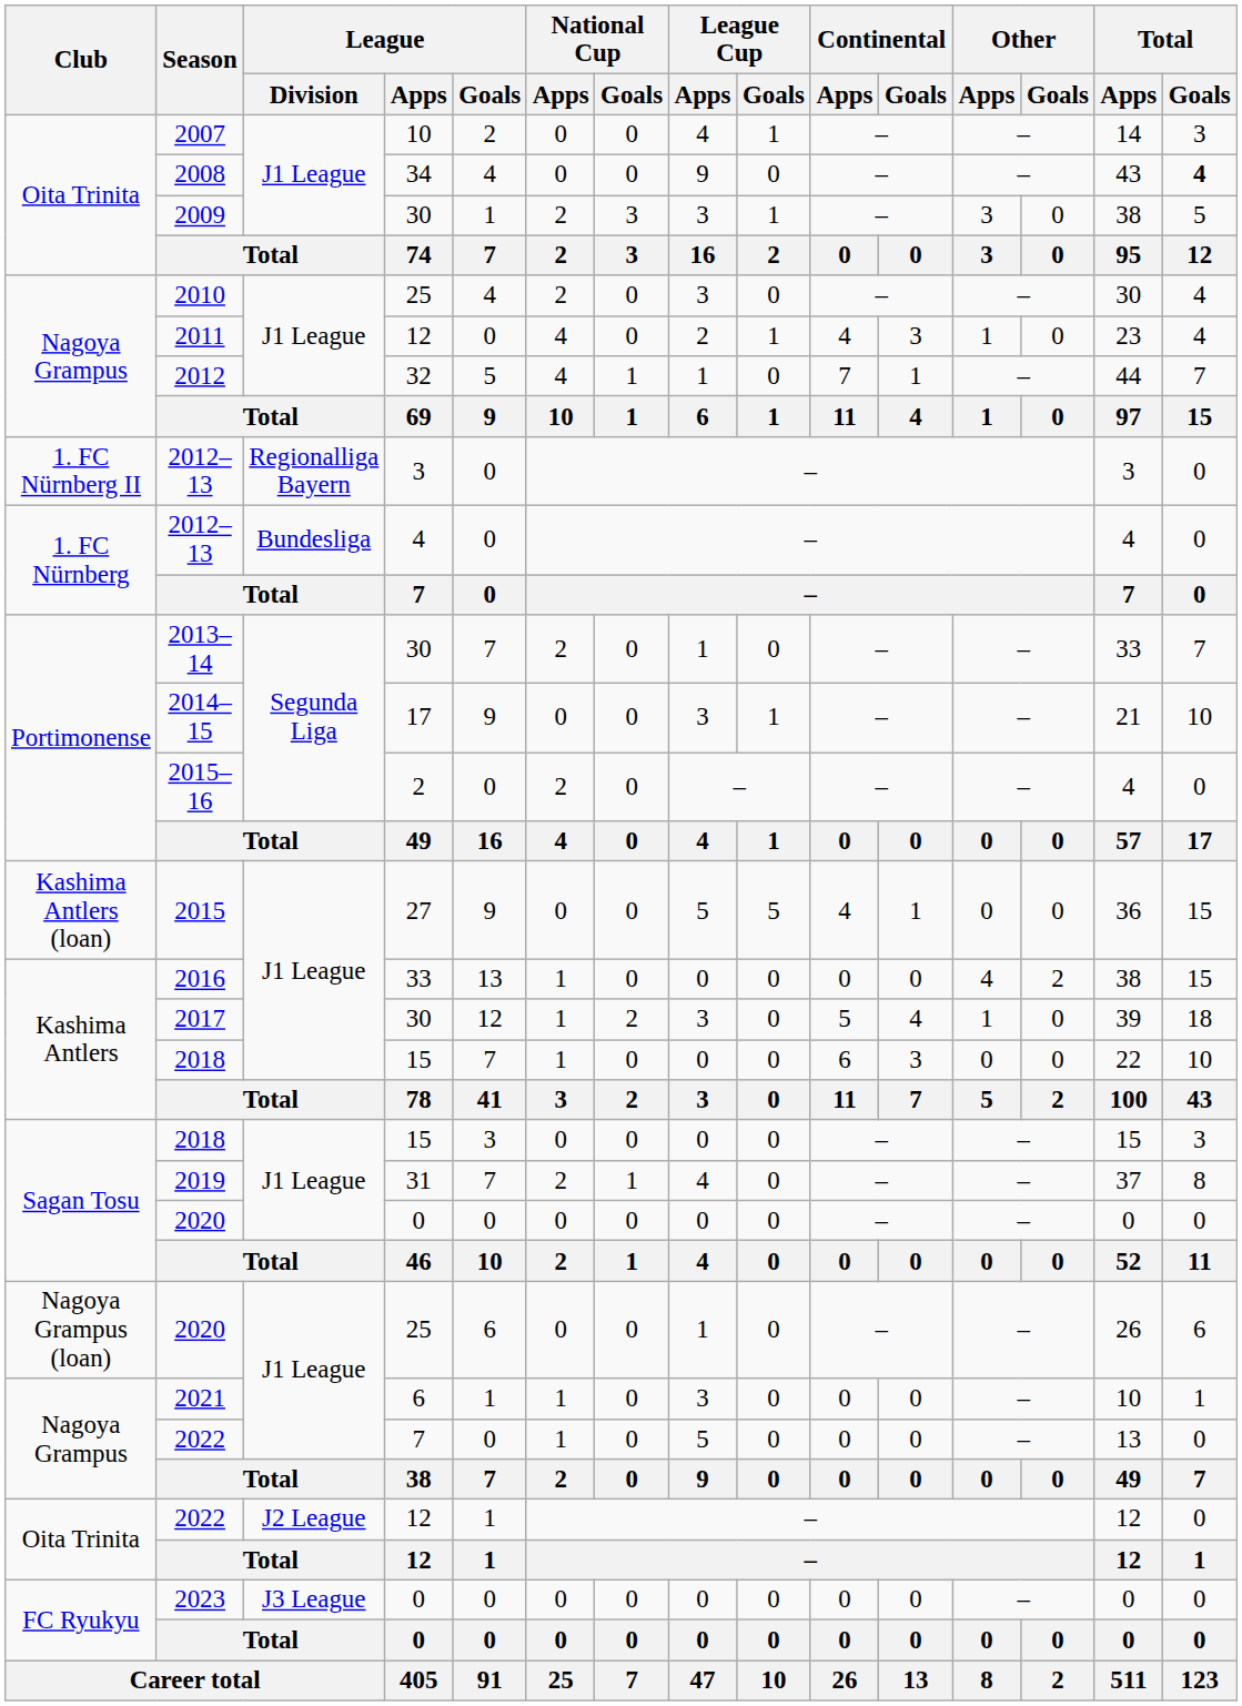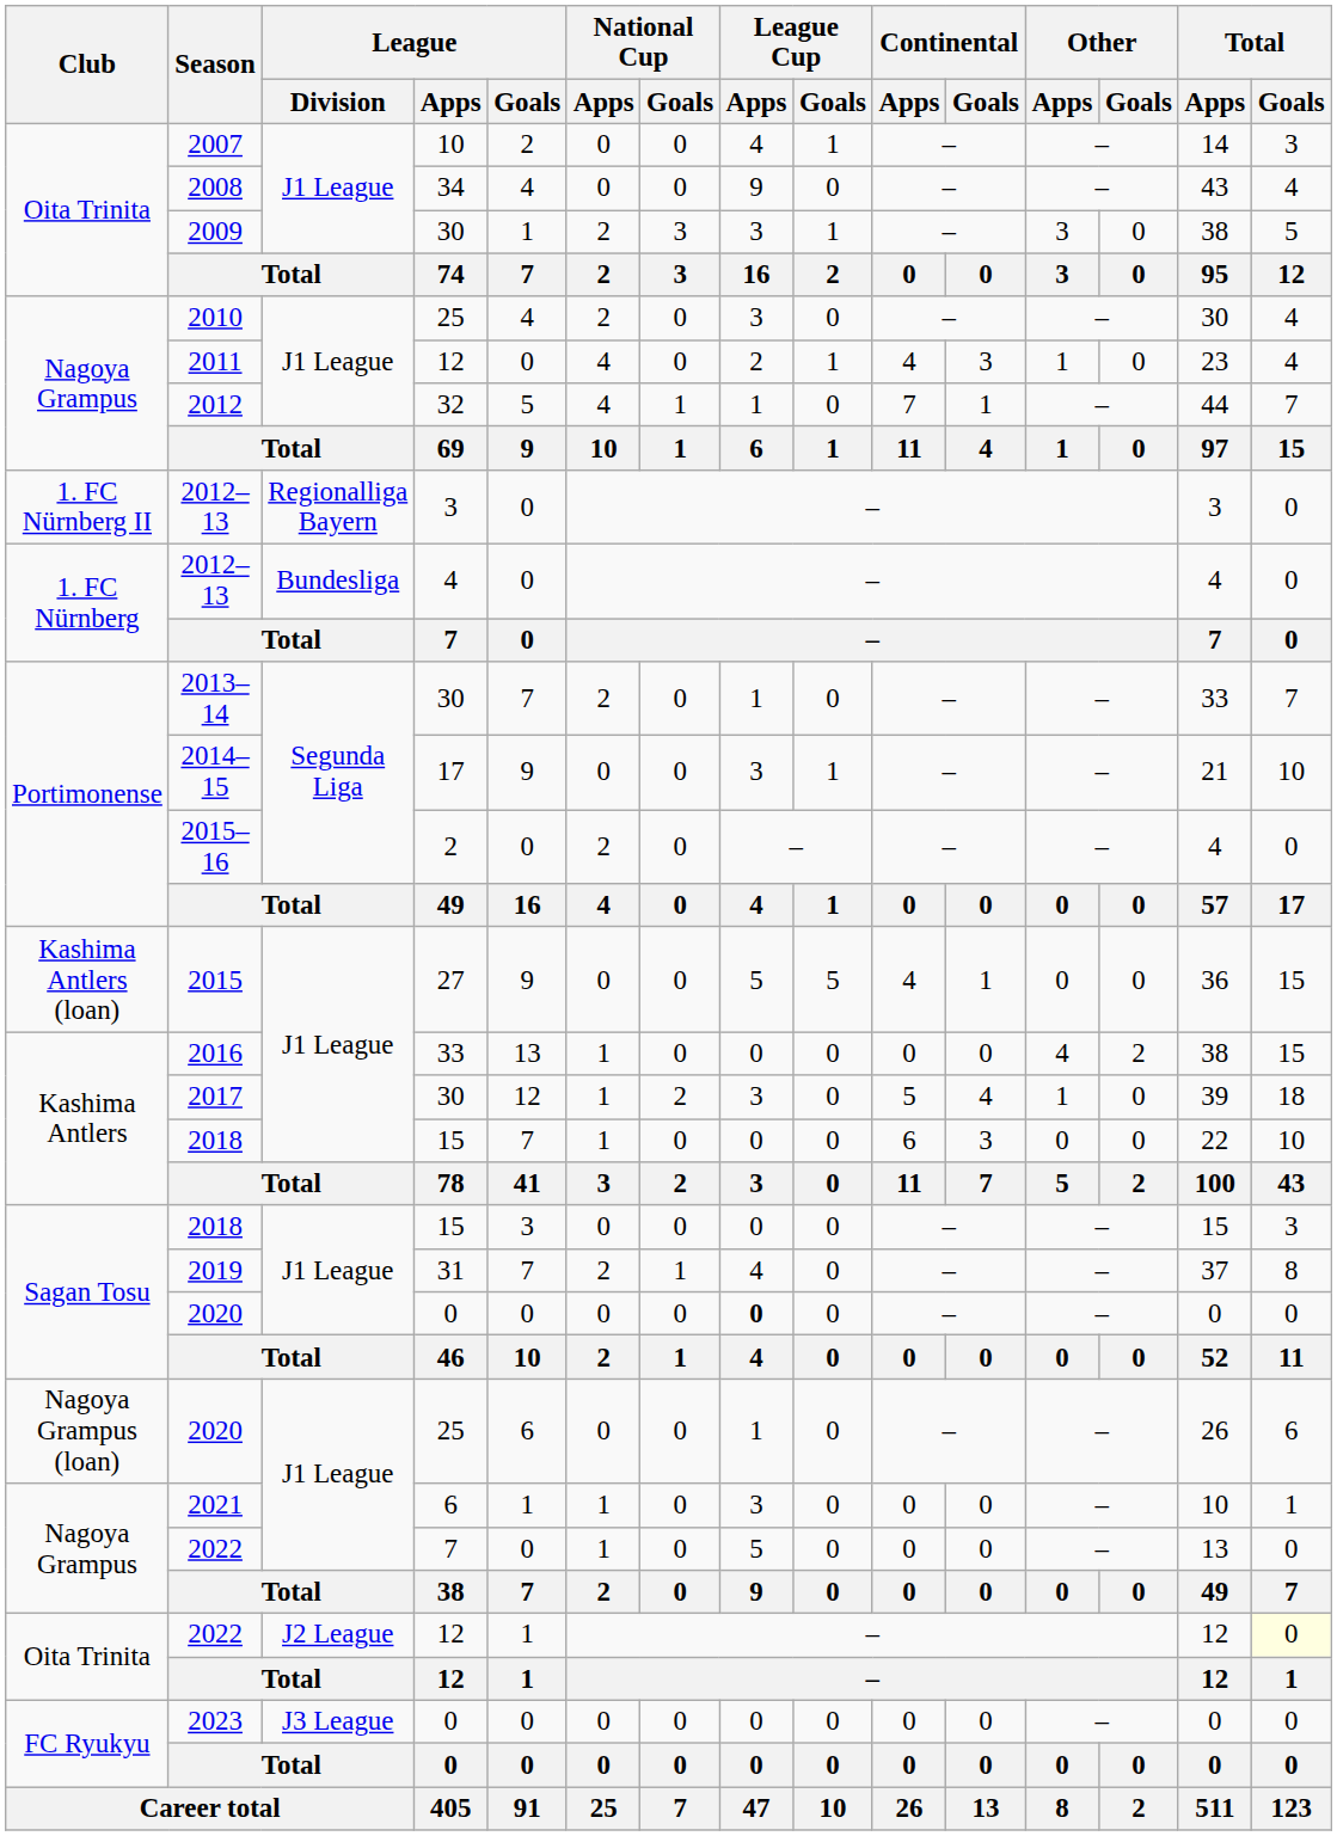 <table class="wikitable" style="text-align:center">
 <tr>
 <th rowspan="2">Club</th>
 <th rowspan="2">Season</th>
 <th colspan="3">League</th>
 <th colspan="2">National Cup</th>
 <th colspan="2">League Cup</th>
 <th colspan="2">Continental</th>
 <th colspan="2">Other</th>
 <th colspan="2">Total</th>
 </tr>
 <tr>
 <th>Division</th>
 <th>Apps</th>
 <th>Goals</th>
 <th>Apps</th>
 <th>Goals</th>
 <th>Apps</th>
 <th>Goals</th>
 <th>Apps</th>
 <th>Goals</th>
 <th>Apps</th>
 <th>Goals</th>
 <th>Apps</th>
 <th>Goals</th>
 </tr>
 <tr>
 <td rowspan="4"><a href='#'>Oita Trinita</a></td>
 <td><a href='#'>2007</a></td>
 <td rowspan="3"><a href='#'>J1 League</a></td>
 <td>10</td>
 <td>2</td>
 <td>0</td>
 <td>0</td>
 <td>4</td>
 <td>1</td>
 <td colspan="2">–</td>
 <td colspan="2">–</td>
 <td>14</td>
 <td>3</td>
 </tr>
 <tr>
 <td><a href='#'>2008</a></td>
 <td>34</td>
 <td>4</td>
 <td>0</td>
 <td>0</td>
 <td>9</td>
 <td>0</td>
 <td colspan="2">–</td>
 <td colspan="2">–</td>
 <td>43</td>
-<td><strong>4</strong></td>
+<td>4</td>
 </tr>
 <tr>
 <td><a href='#'>2009</a></td>
 <td>30</td>
 <td>1</td>
 <td>2</td>
 <td>3</td>
 <td>3</td>
 <td>1</td>
 <td colspan="2">–</td>
 <td>3</td>
 <td>0</td>
 <td>38</td>
 <td>5</td>
 </tr>
 <tr>
 <th colspan="2">Total</th>
 <th>74</th>
 <th>7</th>
 <th>2</th>
 <th>3</th>
 <th>16</th>
 <th>2</th>
 <th>0</th>
 <th>0</th>
 <th>3</th>
 <th>0</th>
 <th>95</th>
 <th>12</th>
 </tr>
 <tr>
 <td rowspan="4"><a href='#'>Nagoya Grampus</a></td>
 <td><a href='#'>2010</a></td>
 <td rowspan="3">J1 League</td>
 <td>25</td>
 <td>4</td>
 <td>2</td>
 <td>0</td>
 <td>3</td>
 <td>0</td>
 <td colspan="2">–</td>
 <td colspan="2">–</td>
 <td>30</td>
 <td>4</td>
 </tr>
 <tr>
 <td><a href='#'>2011</a></td>
 <td>12</td>
 <td>0</td>
 <td>4</td>
 <td>0</td>
 <td>2</td>
 <td>1</td>
 <td>4</td>
 <td>3</td>
 <td>1</td>
 <td>0</td>
 <td>23</td>
 <td>4</td>
 </tr>
 <tr>
 <td><a href='#'>2012</a></td>
 <td>32</td>
 <td>5</td>
 <td>4</td>
 <td>1</td>
 <td>1</td>
 <td>0</td>
 <td>7</td>
 <td>1</td>
 <td colspan="2">–</td>
 <td>44</td>
 <td>7</td>
 </tr>
 <tr>
 <th colspan="2">Total</th>
 <th>69</th>
 <th>9</th>
 <th>10</th>
 <th>1</th>
 <th>6</th>
 <th>1</th>
 <th>11</th>
 <th>4</th>
 <th>1</th>
 <th>0</th>
 <th>97</th>
 <th>15</th>
 </tr>
 <tr>
 <td><a href='#'>1. FC Nürnberg II</a></td>
 <td><a href='#'>2012–13</a></td>
 <td><a href='#'>Regionalliga Bayern</a></td>
 <td>3</td>
 <td>0</td>
 <td colspan="8">–</td>
 <td>3</td>
 <td>0</td>
 </tr>
 <tr>
 <td rowspan="2"><a href='#'>1. FC Nürnberg</a></td>
 <td><a href='#'>2012–13</a></td>
 <td><a href='#'>Bundesliga</a></td>
 <td>4</td>
 <td>0</td>
 <td colspan="8">–</td>
 <td>4</td>
 <td>0</td>
 </tr>
 <tr>
 <th colspan="2">Total</th>
 <th>7</th>
 <th>0</th>
 <th colspan="8">–</th>
 <th>7</th>
 <th>0</th>
 </tr>
 <tr>
 <td rowspan="4"><a href='#'>Portimonense</a></td>
 <td><a href='#'>2013–14</a></td>
 <td rowspan="3"><a href='#'>Segunda Liga</a></td>
 <td>30</td>
 <td>7</td>
 <td>2</td>
 <td>0</td>
 <td>1</td>
 <td>0</td>
 <td colspan="2">–</td>
 <td colspan="2">–</td>
 <td>33</td>
 <td>7</td>
 </tr>
 <tr>
 <td><a href='#'>2014–15</a></td>
 <td>17</td>
 <td>9</td>
 <td>0</td>
 <td>0</td>
 <td>3</td>
 <td>1</td>
 <td colspan="2">–</td>
 <td colspan="2">–</td>
 <td>21</td>
 <td>10</td>
 </tr>
 <tr>
 <td><a href='#'>2015–16</a></td>
 <td>2</td>
 <td>0</td>
 <td>2</td>
 <td>0</td>
 <td colspan="2">–</td>
 <td colspan="2">–</td>
 <td colspan="2">–</td>
 <td>4</td>
 <td>0</td>
 </tr>
 <tr>
 <th colspan="2">Total</th>
 <th>49</th>
 <th>16</th>
 <th>4</th>
 <th>0</th>
 <th>4</th>
 <th>1</th>
 <th>0</th>
 <th>0</th>
 <th>0</th>
 <th>0</th>
 <th>57</th>
 <th>17</th>
 </tr>
 <tr>
 <td><a href='#'>Kashima Antlers</a> (loan)</td>
 <td><a href='#'>2015</a></td>
 <td rowspan="4">J1 League</td>
 <td>27</td>
 <td>9</td>
 <td>0</td>
 <td>0</td>
 <td>5</td>
 <td>5</td>
 <td>4</td>
 <td>1</td>
 <td>0</td>
 <td>0</td>
 <td>36</td>
 <td>15</td>
 </tr>
 <tr>
 <td rowspan="4">Kashima Antlers</td>
 <td><a href='#'>2016</a></td>
 <td>33</td>
 <td>13</td>
 <td>1</td>
 <td>0</td>
 <td>0</td>
 <td>0</td>
 <td>0</td>
 <td>0</td>
 <td>4</td>
 <td>2</td>
 <td>38</td>
 <td>15</td>
 </tr>
 <tr>
 <td><a href='#'>2017</a></td>
 <td>30</td>
 <td>12</td>
 <td>1</td>
 <td>2</td>
 <td>3</td>
 <td>0</td>
 <td>5</td>
 <td>4</td>
 <td>1</td>
 <td>0</td>
 <td>39</td>
 <td>18</td>
 </tr>
 <tr>
 <td><a href='#'>2018</a></td>
 <td>15</td>
 <td>7</td>
 <td>1</td>
 <td>0</td>
 <td>0</td>
 <td>0</td>
 <td>6</td>
 <td>3</td>
 <td>0</td>
 <td>0</td>
 <td>22</td>
 <td>10</td>
 </tr>
 <tr>
 <th colspan="2">Total</th>
 <th>78</th>
 <th>41</th>
 <th>3</th>
 <th>2</th>
 <th>3</th>
 <th>0</th>
 <th>11</th>
 <th>7</th>
 <th>5</th>
 <th>2</th>
 <th>100</th>
 <th>43</th>
 </tr>
 <tr>
 <td rowspan="4"><a href='#'>Sagan Tosu</a></td>
 <td><a href='#'>2018</a></td>
 <td rowspan="3">J1 League</td>
 <td>15</td>
 <td>3</td>
 <td>0</td>
 <td>0</td>
 <td>0</td>
 <td>0</td>
 <td colspan="2">–</td>
 <td colspan="2">–</td>
 <td>15</td>
 <td>3</td>
 </tr>
 <tr>
 <td><a href='#'>2019</a></td>
 <td>31</td>
 <td>7</td>
 <td>2</td>
 <td>1</td>
 <td>4</td>
 <td>0</td>
 <td colspan="2">–</td>
 <td colspan="2">–</td>
 <td>37</td>
 <td>8</td>
 </tr>
 <tr>
 <td><a href='#'>2020</a></td>
 <td>0</td>
 <td>0</td>
 <td>0</td>
 <td>0</td>
-<td>0</td>
+<td><strong>0</strong></td>
 <td>0</td>
 <td colspan="2">–</td>
 <td colspan="2">–</td>
 <td>0</td>
 <td>0</td>
 </tr>
 <tr>
 <th colspan="2">Total</th>
 <th>46</th>
 <th>10</th>
 <th>2</th>
 <th>1</th>
 <th>4</th>
 <th>0</th>
 <th>0</th>
 <th>0</th>
 <th>0</th>
 <th>0</th>
 <th>52</th>
 <th>11</th>
 </tr>
 <tr>
 <td>Nagoya Grampus (loan)</td>
 <td><a href='#'>2020</a></td>
 <td rowspan="3">J1 League</td>
 <td>25</td>
 <td>6</td>
 <td>0</td>
 <td>0</td>
 <td>1</td>
 <td>0</td>
 <td colspan="2">–</td>
 <td colspan="2">–</td>
 <td>26</td>
 <td>6</td>
 </tr>
 <tr>
 <td rowspan="3">Nagoya Grampus</td>
 <td><a href='#'>2021</a></td>
 <td>6</td>
 <td>1</td>
 <td>1</td>
 <td>0</td>
 <td>3</td>
 <td>0</td>
 <td>0</td>
 <td>0</td>
 <td colspan="2">–</td>
 <td>10</td>
 <td>1</td>
 </tr>
 <tr>
 <td><a href='#'>2022</a></td>
 <td>7</td>
 <td>0</td>
 <td>1</td>
 <td>0</td>
 <td>5</td>
 <td>0</td>
 <td>0</td>
 <td>0</td>
 <td colspan="2">–</td>
 <td>13</td>
 <td>0</td>
 </tr>
 <tr>
 <th colspan="2">Total</th>
 <th>38</th>
 <th>7</th>
 <th>2</th>
 <th>0</th>
 <th>9</th>
 <th>0</th>
 <th>0</th>
 <th>0</th>
 <th>0</th>
 <th>0</th>
 <th>49</th>
 <th>7</th>
 </tr>
 <tr>
 <td rowspan="2">Oita Trinita</td>
 <td><a href='#'>2022</a></td>
 <td><a href='#'>J2 League</a></td>
 <td>12</td>
 <td>1</td>
 <td colspan="8">–</td>
 <td>12</td>
-<td>0</td>
+<td style="background: lightyellow;">0</td>
 </tr>
 <tr>
 <th colspan="2">Total</th>
 <th>12</th>
 <th>1</th>
 <th colspan="8">–</th>
 <th>12</th>
 <th>1</th>
 </tr>
 <tr>
 <td rowspan="2"><a href='#'>FC Ryukyu</a></td>
 <td><a href='#'>2023</a></td>
 <td><a href='#'>J3 League</a></td>
 <td>0</td>
 <td>0</td>
 <td>0</td>
 <td>0</td>
 <td>0</td>
 <td>0</td>
 <td>0</td>
 <td>0</td>
 <td colspan="2">–</td>
 <td>0</td>
 <td>0</td>
 </tr>
 <tr>
 <th colspan="2">Total</th>
 <th>0</th>
 <th>0</th>
 <th>0</th>
 <th>0</th>
 <th>0</th>
 <th>0</th>
 <th>0</th>
 <th>0</th>
 <th>0</th>
 <th>0</th>
 <th>0</th>
 <th>0</th>
 </tr>
 <tr>
 <th colspan="3">Career total</th>
 <th>405</th>
 <th>91</th>
 <th>25</th>
 <th>7</th>
 <th>47</th>
 <th>10</th>
 <th>26</th>
 <th>13</th>
 <th>8</th>
 <th>2</th>
 <th>511</th>
 <th>123</th>
 </tr>
 </table>
